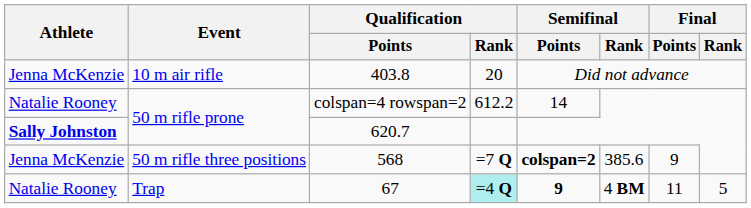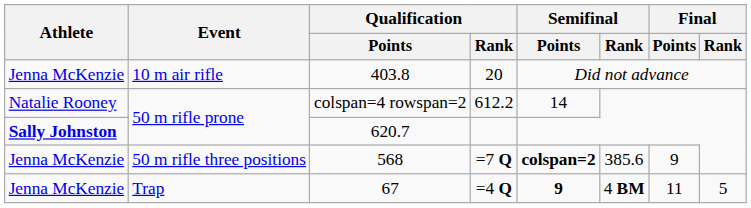 <table class="wikitable" style="font-size:90%;text-align:center">
 <tr>
 <th rowspan=2>Athlete</th>
 <th rowspan=2>Event</th>
 <th colspan=2>Qualification</th>
 <th colspan=2>Semifinal</th>
 <th colspan=2>Final</th>
 </tr>
 <tr style="font-size:95%">
 <th>Points</th>
 <th>Rank</th>
 <th>Points</th>
 <th>Rank</th>
 <th>Points</th>
 <th>Rank</th>
 </tr>
 <tr>
 <td align=left><a href='#'>Jenna McKenzie</a></td>
 <td align=left><a href='#'>10 m air rifle</a></td>
 <td>403.8</td>
 <td>20</td>
 <td colspan=4><em>Did not advance</em></td>
 </tr>
 <tr>
 <td align=left><a href='#'>Natalie Rooney</a></td>
 <td align=left rowspan=2><a href='#'>50 m rifle prone</a></td>
 <td>colspan=4 rowspan=2 </td>
 <td>612.2</td>
 <td>14</td>
 </tr>
 <tr>
 <td align=left><strong><a href='#'>Sally Johnston</a></strong></td>
 <td>620.7 <strong></strong></td>
 <td></td>
 </tr>
 <tr>
 <td align=left><a href='#'>Jenna McKenzie</a></td>
 <td align=left><a href='#'>50 m rifle three positions</a></td>
 <td>568</td>
 <td>=7 <strong>Q</strong></td>
 <td><strong>colspan=2 </strong></td>
 <td>385.6</td>
 <td>9</td>
 </tr>
 <tr>
-<td align=left><a href='#'>Natalie Rooney</a></td>
+<td align=left><a href='#'>Jenna McKenzie</a></td>
 <td align=left><a href='#'>Trap</a></td>
 <td>67</td>
-<td style="background: paleturquoise;">=4 <strong>Q</strong></td>
+<td>=4 <strong>Q</strong></td>
 <td><strong>9</strong></td>
 <td>4 <strong>BM</strong></td>
 <td>11</td>
 <td>5</td>
 </tr>
 </table>
